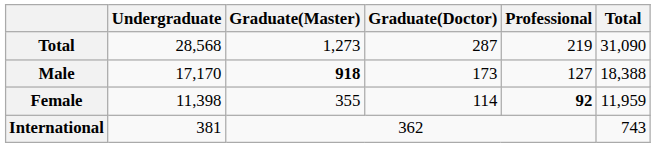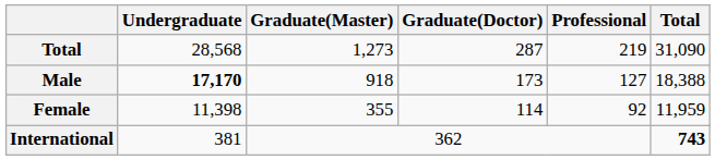 <table style="text-align:center; float:right; font-size:85%; margin-left:2em; margin:auto;" class="wikitable">
 <tr>
 <th></th>
 <th>Undergraduate</th>
 <th>Graduate(Master)</th>
 <th>Graduate(Doctor)</th>
 <th>Professional</th>
 <th>Total</th>
 </tr>
 <tr>
 <th>Total</th>
 <td style="text-align:right">28,568</td>
 <td style="text-align:right">1,273</td>
 <td style="text-align:right">287</td>
 <td style="text-align:right">219</td>
 <td style="text-align:right">31,090</td>
 </tr>
 <tr>
 <th>Male</th>
-<td style="text-align:right">17,170</td>
-<td style="text-align:right"><strong>918</strong></td>
+<td style="text-align:right"><strong>17,170</strong></td>
+<td style="text-align:right">918</td>
 <td style="text-align:right">173</td>
 <td style="text-align:right">127</td>
 <td style="text-align:right">18,388</td>
 </tr>
 <tr>
 <th>Female</th>
 <td style="text-align:right">11,398</td>
 <td style="text-align:right">355</td>
 <td style="text-align:right">114</td>
-<td style="text-align:right"><strong>92</strong></td>
+<td style="text-align:right">92</td>
 <td style="text-align:right">11,959</td>
 </tr>
 <tr>
 <th>International</th>
 <td style="text-align:right">381</td>
 <td colspan="3">362</td>
-<td style="text-align:right">743</td>
+<td style="text-align:right"><strong>743</strong></td>
 </tr>
 </table>
